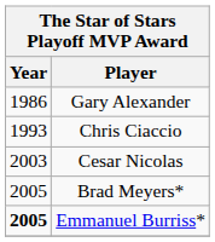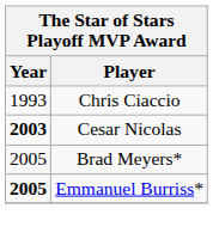 <table class="wikitable" style="display: inline-table; margin-right: 20px; text-align:center">
 <tr>
 <th scope="col" colspan="2" style="width: 145px;">The Star of Stars Playoff MVP Award</th>
 </tr>
 <tr>
 <th scope="col">Year</th>
 <th scope="col">Player</th>
 </tr>
 <tr>
-<td>1986</td>
-<td>Gary Alexander</td>
-</tr>
-<tr>
 <td>1993</td>
 <td>Chris Ciaccio</td>
 </tr>
 <tr>
-<td>2003</td>
+<td><strong>2003</strong></td>
 <td>Cesar Nicolas</td>
 </tr>
 <tr>
 <td>2005</td>
 <td>Brad Meyers*</td>
 </tr>
 <tr>
 <td><strong>2005</strong></td>
 <td><a href='#'>Emmanuel Burriss</a>*</td>
 </tr>
 <tr>
 </tr>
 </table>
